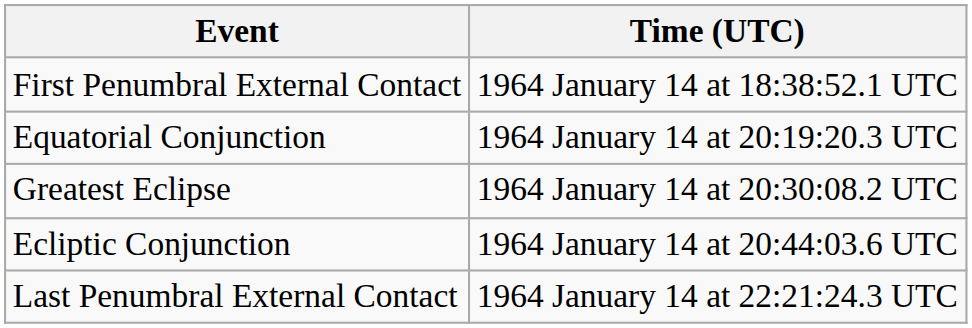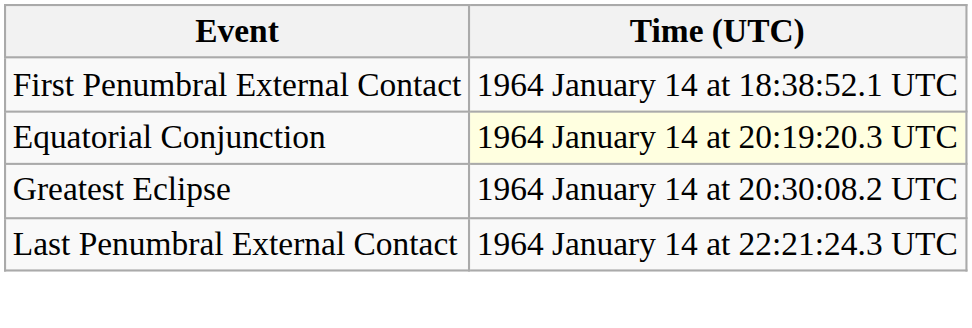 <table class="wikitable">
 <tr>
 <th>Event</th>
 <th>Time (UTC)</th>
 </tr>
 <tr>
 <td>First Penumbral External Contact</td>
 <td>1964 January 14 at 18:38:52.1 UTC</td>
 </tr>
 <tr>
 <td>Equatorial Conjunction</td>
-<td>1964 January 14 at 20:19:20.3 UTC</td>
+<td style="background: lightyellow;">1964 January 14 at 20:19:20.3 UTC</td>
 </tr>
 <tr>
 <td>Greatest Eclipse</td>
 <td>1964 January 14 at 20:30:08.2 UTC</td>
 </tr>
 <tr>
-<td>Ecliptic Conjunction</td>
-<td>1964 January 14 at 20:44:03.6 UTC</td>
-</tr>
-<tr>
 <td>Last Penumbral External Contact</td>
 <td>1964 January 14 at 22:21:24.3 UTC</td>
 </tr>
 </table>
